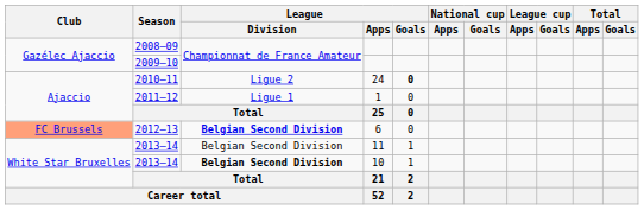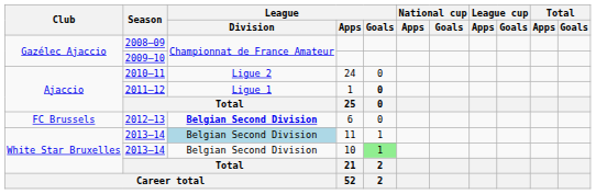 <table class="wikitable" style="text-align:center">
 <tr>
 <th rowspan="2">Club</th>
 <th rowspan="2">Season</th>
 <th colspan="3">League</th>
 <th colspan="2">National cup</th>
 <th colspan="2">League cup</th>
 <th colspan="2">Total</th>
 </tr>
 <tr>
 <th>Division</th>
 <th>Apps</th>
 <th>Goals</th>
 <th>Apps</th>
 <th>Goals</th>
 <th>Apps</th>
 <th>Goals</th>
 <th>Apps</th>
 <th>Goals</th>
 </tr>
 <tr>
 <td rowspan="2"><a href='#'>Gazélec Ajaccio</a></td>
 <td><a href='#'>2008–09</a></td>
 <td rowspan="2"><a href='#'>Championnat de France Amateur</a></td>
 <td></td>
 <td></td>
 <td></td>
 <td></td>
 <td></td>
 <td></td>
 <td></td>
 <td></td>
 </tr>
 <tr>
 <td><a href='#'>2009–10</a></td>
 <td></td>
 <td></td>
 <td></td>
 <td></td>
 <td></td>
 <td></td>
 <td></td>
 <td></td>
 </tr>
 <tr>
 <td rowspan="3"><a href='#'>Ajaccio</a></td>
 <td><a href='#'>2010–11</a></td>
 <td><a href='#'>Ligue 2</a></td>
 <td>24</td>
-<td><strong>0</strong></td>
+<td>0</td>
 <td></td>
 <td></td>
 <td></td>
 <td></td>
 <td></td>
 <td></td>
 </tr>
 <tr>
 <td><a href='#'>2011–12</a></td>
 <td><a href='#'>Ligue 1</a></td>
 <td>1</td>
-<td>0</td>
+<td><strong>0</strong></td>
 <td></td>
 <td></td>
 <td></td>
 <td></td>
 <td></td>
 <td></td>
 </tr>
 <tr>
 <th colspan="2">Total</th>
 <th>25</th>
 <th>0</th>
 <th></th>
 <th></th>
 <th></th>
 <th></th>
 <th></th>
 <th></th>
 </tr>
 <tr>
-<td style="background: lightsalmon;"><a href='#'>FC Brussels</a></td>
+<td><a href='#'>FC Brussels</a></td>
 <td><a href='#'>2012–13</a></td>
 <td><strong><a href='#'>Belgian Second Division</a></strong></td>
 <td>6</td>
 <td>0</td>
 <td></td>
 <td></td>
 <td></td>
 <td></td>
 <td></td>
 <td></td>
 </tr>
 <tr>
 <td rowspan="3"><a href='#'>White Star Bruxelles</a></td>
 <td><a href='#'>2013–14</a></td>
-<td>Belgian Second Division</td>
+<td style="background: lightblue;">Belgian Second Division</td>
 <td>11</td>
 <td>1</td>
 <td></td>
 <td></td>
 <td></td>
 <td></td>
 <td></td>
 <td></td>
 </tr>
 <tr>
 <td><a href='#'>2013–14</a></td>
-<td><strong>Belgian Second Division</strong></td>
+<td>Belgian Second Division</td>
 <td>10</td>
-<td>1</td>
+<td style="background: lightgreen;">1</td>
 <td></td>
 <td></td>
 <td></td>
 <td></td>
 <td></td>
 <td></td>
 </tr>
 <tr>
 <th colspan="2">Total</th>
 <th>21</th>
 <th>2</th>
 <th></th>
 <th></th>
 <th></th>
 <th></th>
 <th></th>
 <th></th>
 </tr>
 <tr>
 <th colspan="3">Career total</th>
 <th>52</th>
 <th>2</th>
 <th></th>
 <th></th>
 <th></th>
 <th></th>
 <th></th>
 <th></th>
 </tr>
 </table>
